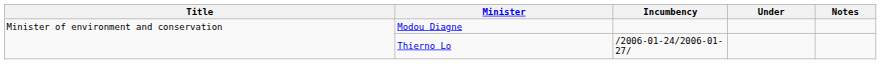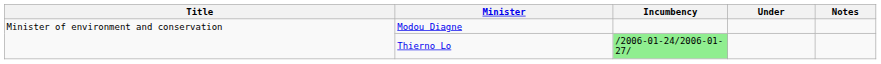 <table class="wikitable" style="width:100%;">
 <tr>
 <th>Title</th>
 <th style="width:25%;"><a href='#'>Minister</a></th>
 <th style="width:160px;">Incumbency</th>
 <th style="width:10%;">Under</th>
 <th style="width:7%;">Notes</th>
 </tr>
 <tr>
 <td rowspan="2" style="vertical-align:top;">Minister of environment and conservation</td>
 <td><a href='#'>Modou Diagne</a></td>
 <td></td>
 <td></td>
 <td></td>
 </tr>
 <tr>
 <td><a href='#'>Thierno Lo</a></td>
-<td>/2006-01-24/2006-01-27/</td>
+<td style="background: lightgreen;">/2006-01-24/2006-01-27/</td>
 <td></td>
 <td></td>
 </tr>
 </table>
